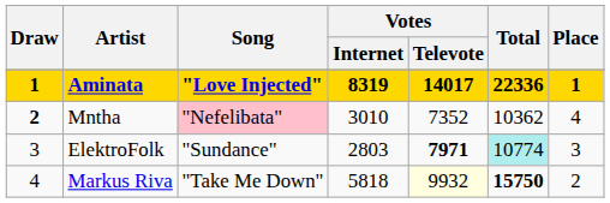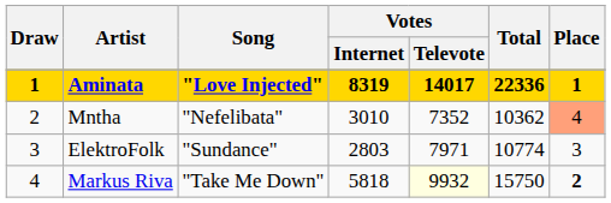 <table class="sortable wikitable" style="margin: 1em auto 1em auto;">
 <tr>
 <th rowspan="2">Draw</th>
 <th rowspan="2">Artist</th>
 <th rowspan="2">Song</th>
 <th colspan="2">Votes</th>
 <th rowspan="2">Total</th>
 <th rowspan="2">Place</th>
 </tr>
 <tr>
 <th class="unsortable">Internet</th>
 <th class="unsortable">Televote</th>
 </tr>
 <tr>
 </tr>
 <tr style="font-weight:bold; background:gold;">
 <td align="center">1</td>
 <td><a href='#'>Aminata</a></td>
 <td>"<a href='#'>Love Injected</a>"</td>
 <td align="center">8319</td>
 <td align="center">14017</td>
 <td align="center">22336</td>
 <td align="center">1</td>
 </tr>
 <tr>
-<td align="center"><strong>2</strong></td>
+<td align="center">2</td>
 <td>Mntha</td>
-<td style="background: pink;">"Nefelibata"</td>
+<td>"Nefelibata"</td>
 <td align="center">3010</td>
 <td align="center">7352</td>
 <td align="center">10362</td>
-<td align="center">4</td>
+<td align="center" style="background: lightsalmon;">4</td>
 </tr>
 <tr>
 <td align="center">3</td>
 <td>ElektroFolk</td>
 <td>"Sundance"</td>
 <td align="center">2803</td>
-<td align="center"><strong>7971</strong></td>
-<td align="center" style="background: paleturquoise;">10774</td>
+<td align="center">7971</td>
+<td align="center">10774</td>
 <td align="center">3</td>
 </tr>
 <tr>
 <td align="center">4</td>
 <td><a href='#'>Markus Riva</a></td>
 <td>"Take Me Down"</td>
 <td align="center">5818</td>
 <td align="center" style="background: lightyellow;">9932</td>
-<td align="center"><strong>15750</strong></td>
-<td align="center">2</td>
+<td align="center">15750</td>
+<td align="center"><strong>2</strong></td>
 </tr>
 </table>
